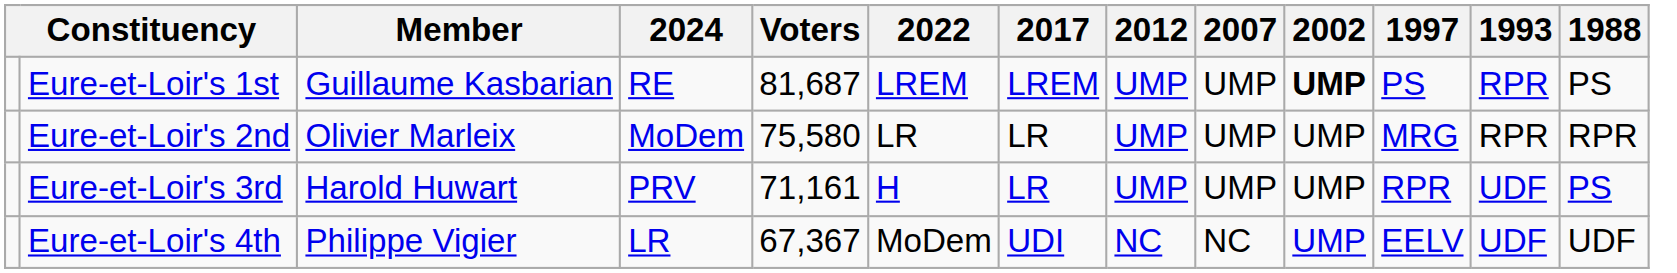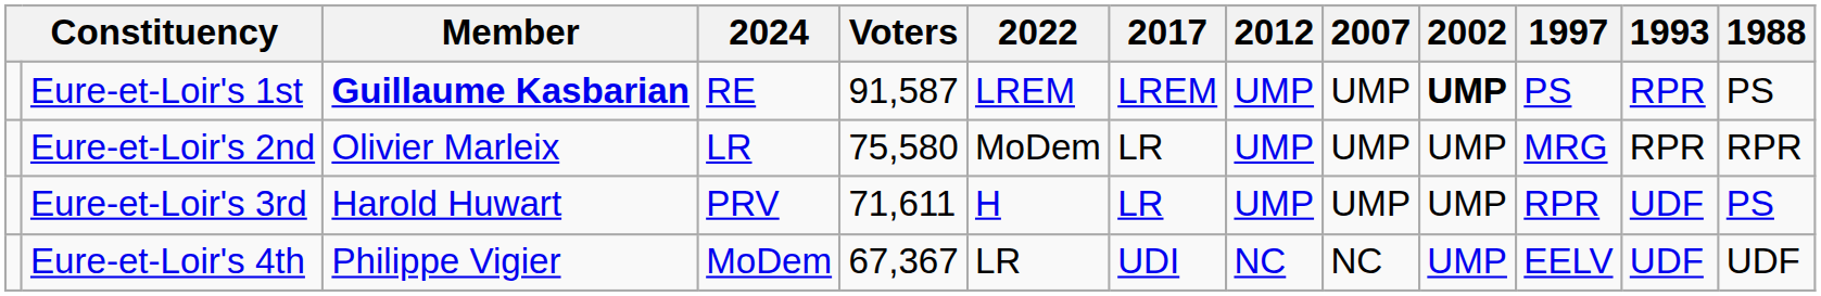 <table class="wikitable sortable">
 <tr>
 <th colspan="2">Constituency</th>
 <th>Member</th>
 <th>2024</th>
 <th>Voters</th>
 <th>2022</th>
 <th>2017</th>
 <th>2012</th>
 <th>2007</th>
 <th>2002</th>
 <th>1997</th>
 <th>1993</th>
 <th>1988</th>
 </tr>
 <tr>
 <td style="background-color: "></td>
 <td><a href='#'>Eure-et-Loir's 1st</a></td>
-<td><a href='#'>Guillaume Kasbarian</a></td>
+<td><strong><a href='#'>Guillaume Kasbarian</a></strong></td>
 <td><a href='#'>RE</a></td>
-<td>81,687</td>
+<td>91,587</td>
 <td><a href='#'>LREM</a></td>
 <td><a href='#'>LREM</a></td>
 <td bgcolor=><a href='#'>UMP</a></td>
 <td bgcolor=>UMP</td>
 <td bgcolor=><strong>UMP</strong></td>
 <td bgcolor=><a href='#'>PS</a></td>
 <td bgcolor=><a href='#'>RPR</a></td>
 <td bgcolor=>PS</td>
 </tr>
 <tr>
 <td style="background-color: "></td>
 <td><a href='#'>Eure-et-Loir's 2nd</a></td>
 <td><a href='#'>Olivier Marleix</a></td>
-<td><a href='#'>MoDem</a></td>
+<td><a href='#'>LR</a></td>
 <td>75,580</td>
-<td>LR</td>
+<td>MoDem</td>
 <td>LR</td>
 <td bgcolor=><a href='#'>UMP</a></td>
 <td bgcolor=>UMP</td>
 <td bgcolor=>UMP</td>
 <td bgcolor=><a href='#'>MRG</a></td>
 <td bgcolor=>RPR</td>
 <td bgcolor=>RPR</td>
 </tr>
 <tr>
 <td style="background-color: "></td>
 <td><a href='#'>Eure-et-Loir's 3rd</a></td>
 <td><a href='#'>Harold Huwart</a></td>
 <td><a href='#'>PRV</a></td>
-<td>71,161</td>
+<td>71,611</td>
 <td><a href='#'>H</a></td>
 <td><a href='#'>LR</a></td>
 <td bgcolor=><a href='#'>UMP</a></td>
 <td bgcolor=>UMP</td>
 <td bgcolor=>UMP</td>
 <td bgcolor=><a href='#'>RPR</a></td>
 <td bgcolor=><a href='#'>UDF</a></td>
 <td bgcolor=><a href='#'>PS</a></td>
 </tr>
 <tr>
 <td style="background-color: "></td>
 <td><a href='#'>Eure-et-Loir's 4th</a></td>
 <td><a href='#'>Philippe Vigier</a></td>
-<td><a href='#'>LR</a></td>
+<td><a href='#'>MoDem</a></td>
 <td>67,367</td>
-<td>MoDem</td>
+<td>LR</td>
 <td><a href='#'>UDI</a></td>
 <td bgcolor=><a href='#'>NC</a></td>
 <td bgcolor=>NC</td>
 <td bgcolor=><a href='#'>UMP</a></td>
 <td bgcolor=><a href='#'>EELV</a></td>
 <td bgcolor=><a href='#'>UDF</a></td>
 <td bgcolor=>UDF</td>
 </tr>
 </table>
